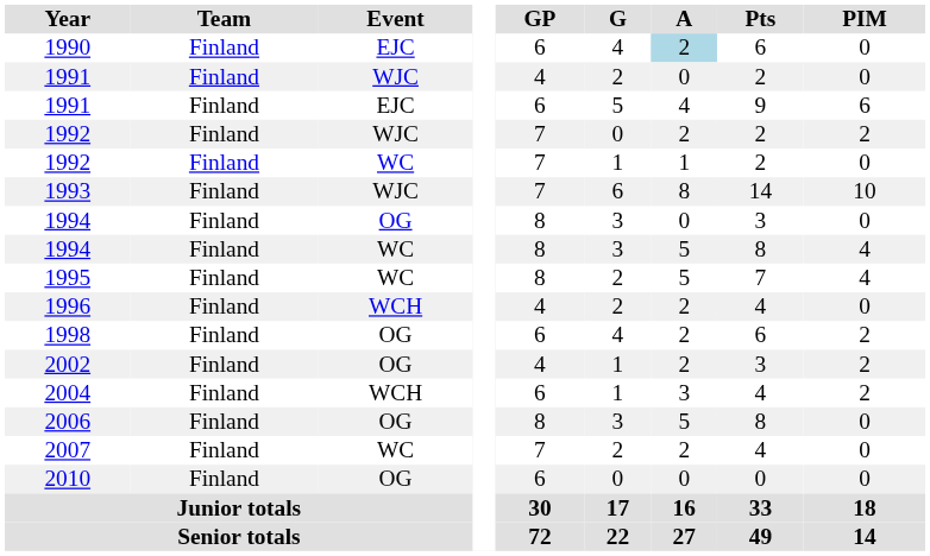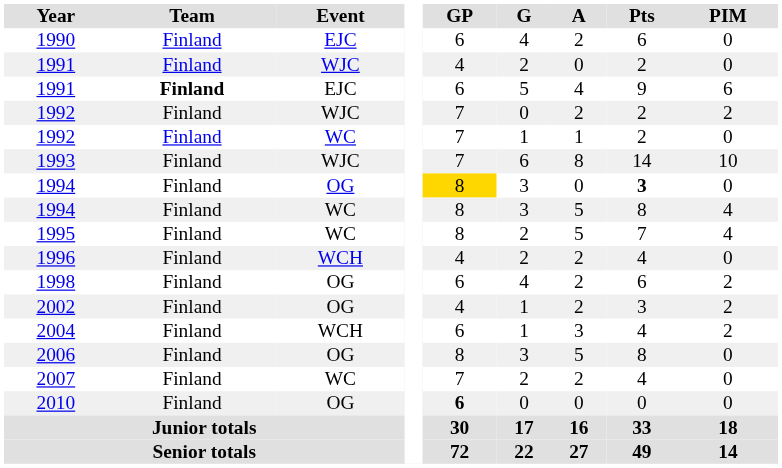 <table border="0" cellpadding="1" cellspacing="0" style="text-align:center; width:40em">
 <tr align="center" bgcolor="#e0e0e0">
 <th>Year</th>
 <th>Team</th>
 <th>Event</th>
 <th rowspan="99" bgcolor="#ffffff"> </th>
 <th>GP</th>
 <th>G</th>
 <th>A</th>
 <th>Pts</th>
 <th>PIM</th>
 </tr>
 <tr>
 <td><a href='#'>1990</a></td>
 <td><a href='#'>Finland</a></td>
 <td><a href='#'>EJC</a></td>
 <td>6</td>
 <td>4</td>
-<td style="background: lightblue;">2</td>
+<td>2</td>
 <td>6</td>
 <td>0</td>
 </tr>
 <tr bgcolor="#f0f0f0">
 <td><a href='#'>1991</a></td>
 <td><a href='#'>Finland</a></td>
 <td><a href='#'>WJC</a></td>
 <td>4</td>
 <td>2</td>
 <td>0</td>
 <td>2</td>
 <td>0</td>
 </tr>
 <tr>
 <td><a href='#'>1991</a></td>
-<td>Finland</td>
+<td><strong>Finland</strong></td>
 <td>EJC</td>
 <td>6</td>
 <td>5</td>
 <td>4</td>
 <td>9</td>
 <td>6</td>
 </tr>
 <tr bgcolor="#f0f0f0">
 <td><a href='#'>1992</a></td>
 <td>Finland</td>
 <td>WJC</td>
 <td>7</td>
 <td>0</td>
 <td>2</td>
 <td>2</td>
 <td>2</td>
 </tr>
 <tr>
 <td><a href='#'>1992</a></td>
 <td><a href='#'>Finland</a></td>
 <td><a href='#'>WC</a></td>
 <td>7</td>
 <td>1</td>
 <td>1</td>
 <td>2</td>
 <td>0</td>
 </tr>
 <tr bgcolor="#f0f0f0">
 <td><a href='#'>1993</a></td>
 <td>Finland</td>
 <td>WJC</td>
 <td>7</td>
 <td>6</td>
 <td>8</td>
 <td>14</td>
 <td>10</td>
 </tr>
 <tr>
 <td><a href='#'>1994</a></td>
 <td>Finland</td>
 <td><a href='#'>OG</a></td>
-<td>8</td>
+<td style="background: gold;">8</td>
 <td>3</td>
 <td>0</td>
-<td>3</td>
+<td><strong>3</strong></td>
 <td>0</td>
 </tr>
 <tr bgcolor="#f0f0f0">
 <td><a href='#'>1994</a></td>
 <td>Finland</td>
 <td>WC</td>
 <td>8</td>
 <td>3</td>
 <td>5</td>
 <td>8</td>
 <td>4</td>
 </tr>
 <tr>
 <td><a href='#'>1995</a></td>
 <td>Finland</td>
 <td>WC</td>
 <td>8</td>
 <td>2</td>
 <td>5</td>
 <td>7</td>
 <td>4</td>
 </tr>
 <tr bgcolor="#f0f0f0">
 <td><a href='#'>1996</a></td>
 <td>Finland</td>
 <td><a href='#'>WCH</a></td>
 <td>4</td>
 <td>2</td>
 <td>2</td>
 <td>4</td>
 <td>0</td>
 </tr>
 <tr>
 <td><a href='#'>1998</a></td>
 <td>Finland</td>
 <td>OG</td>
 <td>6</td>
 <td>4</td>
 <td>2</td>
 <td>6</td>
 <td>2</td>
 </tr>
 <tr bgcolor="#f0f0f0">
 <td><a href='#'>2002</a></td>
 <td>Finland</td>
 <td>OG</td>
 <td>4</td>
 <td>1</td>
 <td>2</td>
 <td>3</td>
 <td>2</td>
 </tr>
 <tr>
 <td><a href='#'>2004</a></td>
 <td>Finland</td>
 <td>WCH</td>
 <td>6</td>
 <td>1</td>
 <td>3</td>
 <td>4</td>
 <td>2</td>
 </tr>
 <tr bgcolor="#f0f0f0">
 <td><a href='#'>2006</a></td>
 <td>Finland</td>
 <td>OG</td>
 <td>8</td>
 <td>3</td>
 <td>5</td>
 <td>8</td>
 <td>0</td>
 </tr>
 <tr>
 <td><a href='#'>2007</a></td>
 <td>Finland</td>
 <td>WC</td>
 <td>7</td>
 <td>2</td>
 <td>2</td>
 <td>4</td>
 <td>0</td>
 </tr>
 <tr bgcolor="#f0f0f0">
 <td><a href='#'>2010</a></td>
 <td>Finland</td>
 <td>OG</td>
-<td>6</td>
+<td><strong>6</strong></td>
 <td>0</td>
 <td>0</td>
 <td>0</td>
 <td>0</td>
 </tr>
 <tr bgcolor="#e0e0e0">
 <th colspan=3>Junior totals</th>
 <th>30</th>
 <th>17</th>
 <th>16</th>
 <th>33</th>
 <th>18</th>
 </tr>
 <tr bgcolor="#e0e0e0">
 <th colspan=3>Senior totals</th>
 <th>72</th>
 <th>22</th>
 <th>27</th>
 <th>49</th>
 <th>14</th>
 </tr>
 </table>
